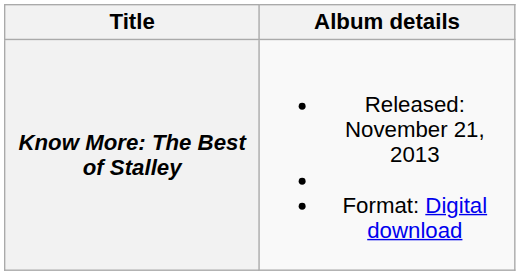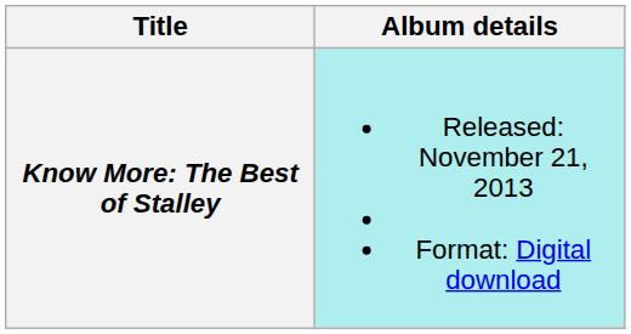 <table class="wikitable plainrowheaders" style="text-align:center;">
 <tr>
 <th scope="col" style="width:11em;">Title</th>
 <th scope="col" style="width:11em;">Album details</th>
 </tr>
 <tr>
 <th scope="row"><em>Know More: The Best of Stalley</em></th>
-<td><br><ul><li>Released: November 21, 2013</li><li></li><li>Format: <a href='#'>Digital download</a></li></ul></td>
+<td style="background: paleturquoise;"><br><ul><li>Released: November 21, 2013</li><li></li><li>Format: <a href='#'>Digital download</a></li></ul></td>
 </tr>
 </table>
